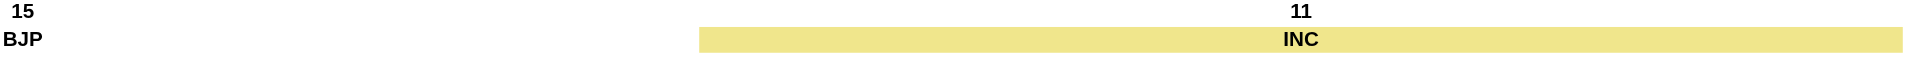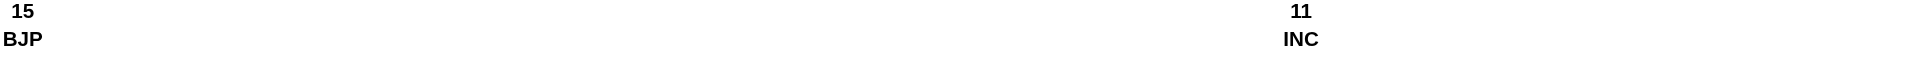 <table style="width:100%; text-align:center;">
 <tr>
 <td style="background:"><strong>15</strong></td>
 <td style="background:"><strong>11</strong></td>
 </tr>
 <tr>
 <td><span><strong>BJP</strong></span></td>
-<td style="background: khaki;"><span><strong>INC</strong></span></td>
+<td><span><strong>INC</strong></span></td>
 </tr>
 </table>
